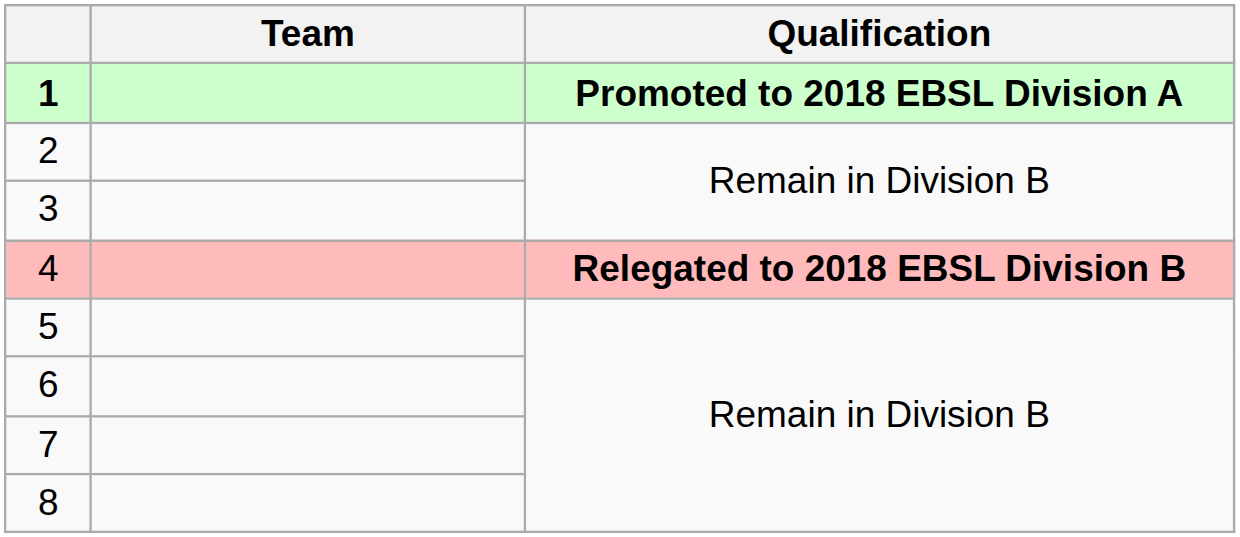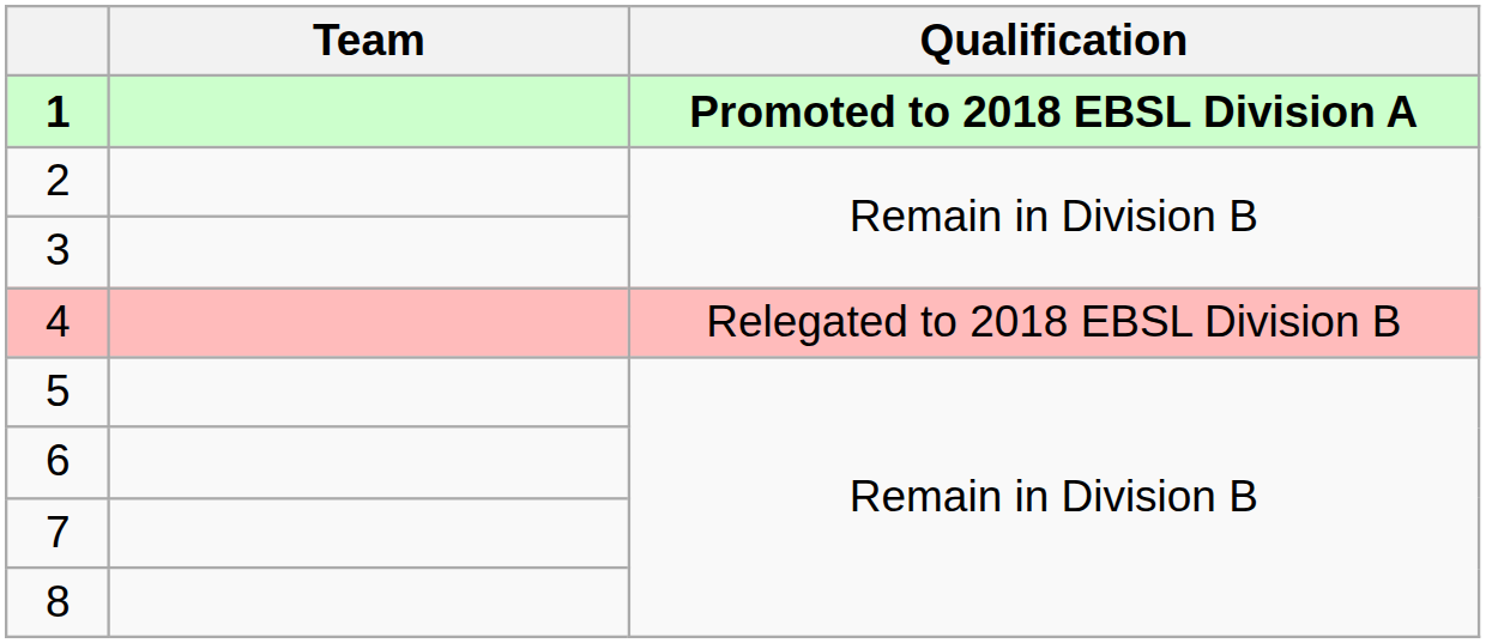 <table class="wikitable" style="text-align: center; font-size: 100%;">
 <tr>
 <th width="30"></th>
 <th width="180">Team</th>
 <th width="300">Qualification</th>
 </tr>
 <tr style="background-color: #ccffcc;">
 <td><strong>1</strong></td>
 <td align=left><strong></strong></td>
 <td><strong>Promoted to 2018 EBSL Division A</strong></td>
 </tr>
 <tr>
 <td>2</td>
 <td align=left></td>
 <td rowspan=2>Remain in Division B</td>
 </tr>
 <tr>
 <td>3</td>
 <td align=left></td>
 </tr>
 <tr style="background-color: #FFBBBB;">
 <td>4</td>
 <td align=left><em></em></td>
-<td><strong>Relegated to 2018 EBSL Division B</strong></td>
+<td>Relegated to 2018 EBSL Division B</td>
 </tr>
 <tr>
 <td>5</td>
 <td align=left></td>
 <td rowspan=4>Remain in Division B</td>
 </tr>
 <tr>
 <td>6</td>
 <td align=left></td>
 </tr>
 <tr>
 <td>7</td>
 <td align=left></td>
 </tr>
 <tr>
 <td>8</td>
 <td align=left></td>
 </tr>
 </table>
